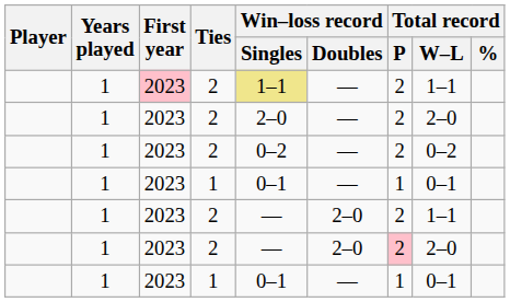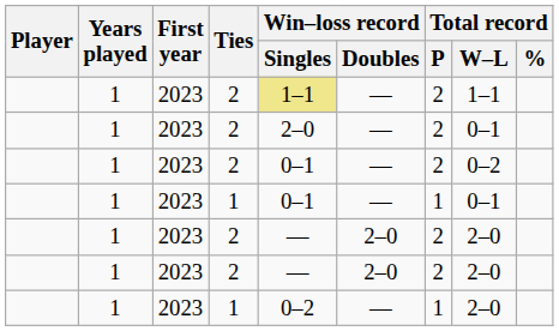 <table class="wikitable sortable" style="text-align:center">
 <tr>
 <th rowspan="2">Player</th>
 <th rowspan="2">Years<br> played</th>
 <th rowspan="2">First<br> year</th>
 <th rowspan="2">Ties</th>
 <th colspan="2">Win–loss record</th>
 <th colspan="3">Total record</th>
 </tr>
 <tr>
 <th>Singles</th>
 <th>Doubles</th>
 <th>P</th>
 <th>W–L</th>
 <th>%</th>
 </tr>
 <tr>
 <td align=left></td>
 <td>1</td>
-<td style="background: pink;">2023</td>
+<td>2023</td>
 <td>2</td>
 <td style="background: khaki;">1–1</td>
 <td>—</td>
 <td>2</td>
 <td>1–1</td>
 <td></td>
 </tr>
 <tr>
 <td align=left></td>
 <td>1</td>
 <td>2023</td>
 <td>2</td>
 <td>2–0</td>
 <td>—</td>
 <td>2</td>
-<td>2–0</td>
+<td>0–1</td>
 <td></td>
 </tr>
 <tr>
 <td align=left></td>
 <td>1</td>
 <td>2023</td>
 <td>2</td>
-<td>0–2</td>
+<td>0–1</td>
 <td>—</td>
 <td>2</td>
 <td>0–2</td>
 <td></td>
 </tr>
 <tr>
 <td align=left></td>
 <td>1</td>
 <td>2023</td>
 <td>1</td>
 <td>0–1</td>
 <td>—</td>
 <td>1</td>
 <td>0–1</td>
 <td></td>
 </tr>
 <tr>
 <td align=left></td>
 <td>1</td>
 <td>2023</td>
 <td>2</td>
 <td>—</td>
 <td>2–0</td>
 <td>2</td>
-<td>1–1</td>
+<td>2–0</td>
 <td></td>
 </tr>
 <tr>
 <td align=left></td>
 <td>1</td>
 <td>2023</td>
 <td>2</td>
 <td>—</td>
 <td>2–0</td>
-<td style="background: pink;">2</td>
+<td>2</td>
 <td>2–0</td>
 <td></td>
 </tr>
 <tr>
 <td align=left></td>
 <td>1</td>
 <td>2023</td>
 <td>1</td>
-<td>0–1</td>
+<td>0–2</td>
 <td>—</td>
 <td>1</td>
-<td>0–1</td>
+<td>2–0</td>
 <td></td>
 </tr>
 </table>
